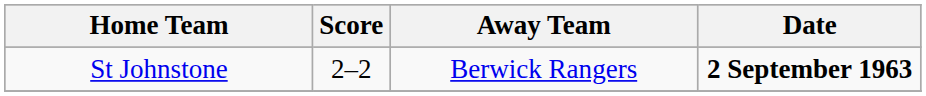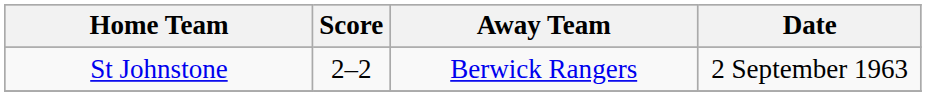 <table class="wikitable" style="text-align:center;">
 <tr>
 <th width=175>Home Team</th>
 <th width=20>Score</th>
 <th width=175>Away Team</th>
 <th width= 125>Date</th>
 </tr>
 <tr>
 <td><a href='#'>St Johnstone</a></td>
 <td>2–2</td>
 <td><a href='#'>Berwick Rangers</a></td>
-<td><strong>2 September 1963</strong></td>
+<td>2 September 1963</td>
 </tr>
 <tr>
 </tr>
 </table>
